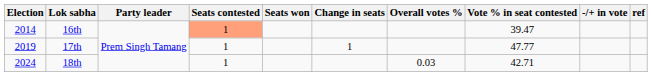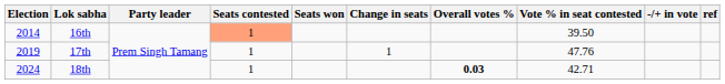 <table class="wikitable" style="text-align:center">
 <tr>
 <th Style="background-color:">Election</th>
 <th Style="background-color:">Lok sabha</th>
 <th Style="background-color:">Party leader</th>
 <th Style="background-color:">Seats contested</th>
 <th Style="background-color:">Seats won</th>
 <th Style="background-color:">Change in seats</th>
 <th Style="background-color:">Overall votes %</th>
 <th Style="background-color:">Vote % in seat contested</th>
 <th Style="background-color:">-/+ in vote</th>
 <th Style="background-color:">ref</th>
 </tr>
 <tr>
 <td><a href='#'>2014</a></td>
 <td><a href='#'>16th</a></td>
 <td rowspan="3"><a href='#'>Prem Singh Tamang</a></td>
 <td style="background: lightsalmon;">1</td>
 <td></td>
 <td></td>
 <td></td>
-<td>39.47</td>
+<td>39.50</td>
 <td></td>
 <td></td>
 </tr>
 <tr>
 <td><a href='#'>2019</a></td>
 <td><a href='#'>17th</a></td>
 <td>1</td>
 <td></td>
 <td>1</td>
 <td></td>
-<td>47.77</td>
+<td>47.76</td>
 <td></td>
 <td></td>
 </tr>
 <tr>
 <td><a href='#'>2024</a></td>
 <td><a href='#'>18th</a></td>
 <td>1</td>
 <td></td>
 <td></td>
-<td>0.03</td>
+<td><strong>0.03</strong></td>
 <td>42.71</td>
 <td></td>
 <td></td>
 </tr>
 </table>
